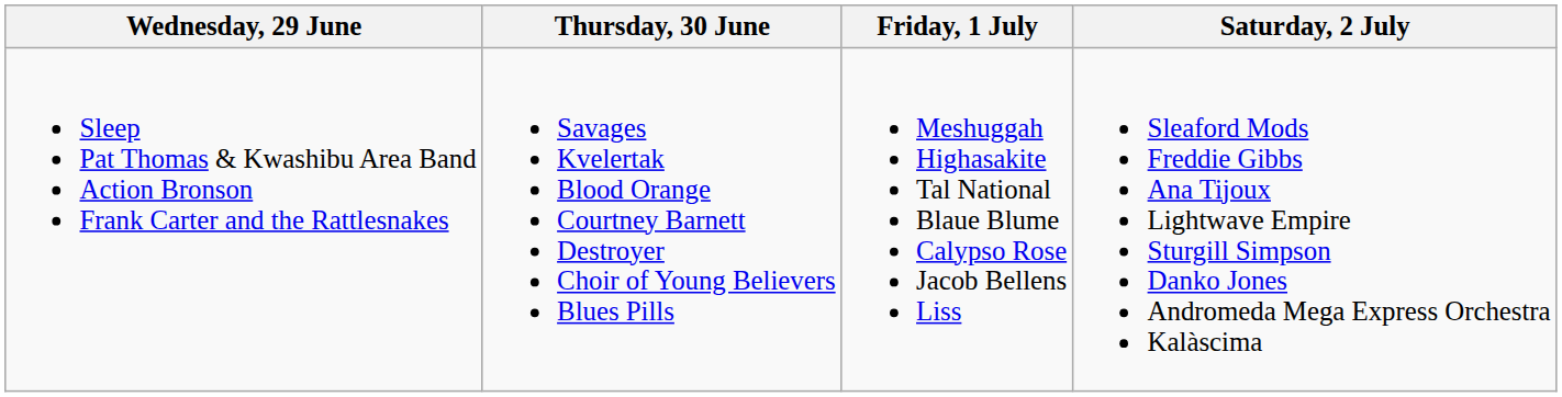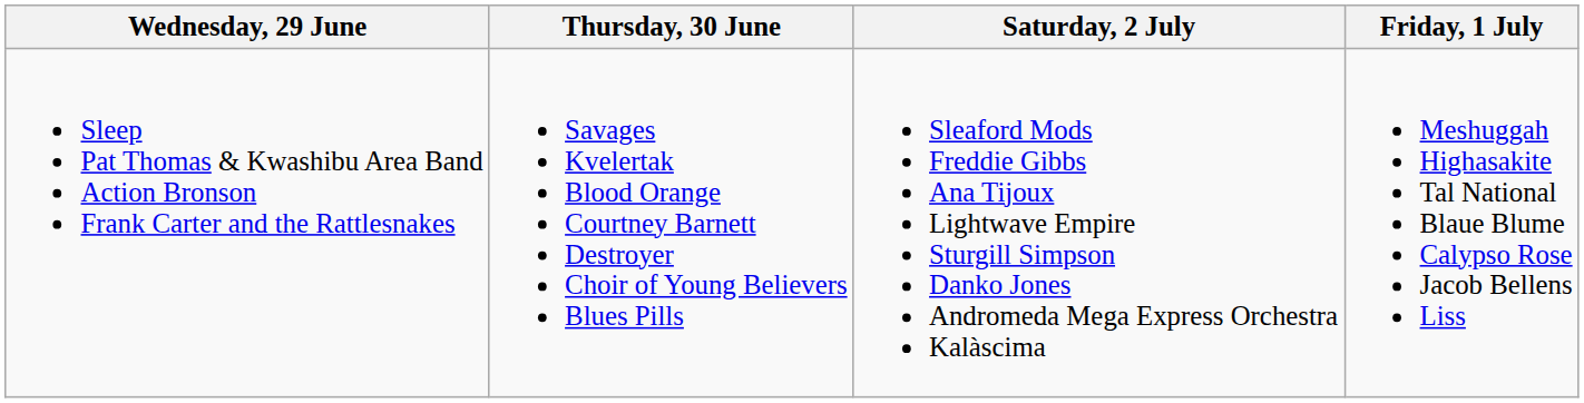 <table class="wikitable">
 <tr>
 <th>Wednesday, 29 June</th>
 <th>Thursday, 30 June</th>
+<th>Saturday, 2 July</th>
 <th>Friday, 1 July</th>
-<th>Saturday, 2 July</th>
 </tr>
 <tr valign="top">
 <td><br><ul><li><a href='#'>Sleep</a></li><li><a href='#'>Pat Thomas</a> & Kwashibu Area Band</li><li><a href='#'>Action Bronson</a></li><li><a href='#'>Frank Carter and the Rattlesnakes</a></li></ul></td>
 <td><br><ul><li><a href='#'>Savages</a></li><li><a href='#'>Kvelertak</a></li><li><a href='#'>Blood Orange</a></li><li><a href='#'>Courtney Barnett</a></li><li><a href='#'>Destroyer</a></li><li><a href='#'>Choir of Young Believers</a></li><li><a href='#'>Blues Pills</a></li></ul></td>
+<td><br><ul><li><a href='#'>Sleaford Mods</a></li><li><a href='#'>Freddie Gibbs</a></li><li><a href='#'>Ana Tijoux</a></li><li>Lightwave Empire</li><li><a href='#'>Sturgill Simpson</a></li><li><a href='#'>Danko Jones</a></li><li>Andromeda Mega Express Orchestra</li><li>Kalàscima</li></ul></td>
 <td><br><ul><li><a href='#'>Meshuggah</a></li><li><a href='#'>Highasakite</a></li><li>Tal National</li><li>Blaue Blume</li><li><a href='#'>Calypso Rose</a></li><li>Jacob Bellens</li><li><a href='#'>Liss</a></li></ul></td>
-<td><br><ul><li><a href='#'>Sleaford Mods</a></li><li><a href='#'>Freddie Gibbs</a></li><li><a href='#'>Ana Tijoux</a></li><li>Lightwave Empire</li><li><a href='#'>Sturgill Simpson</a></li><li><a href='#'>Danko Jones</a></li><li>Andromeda Mega Express Orchestra</li><li>Kalàscima</li></ul></td>
 </tr>
 </table>
